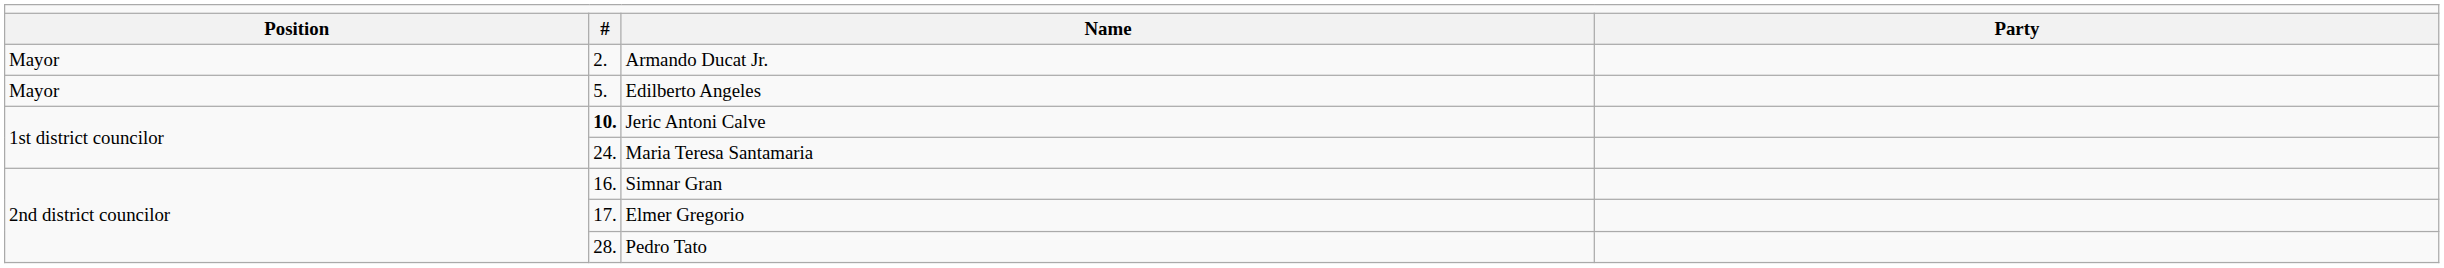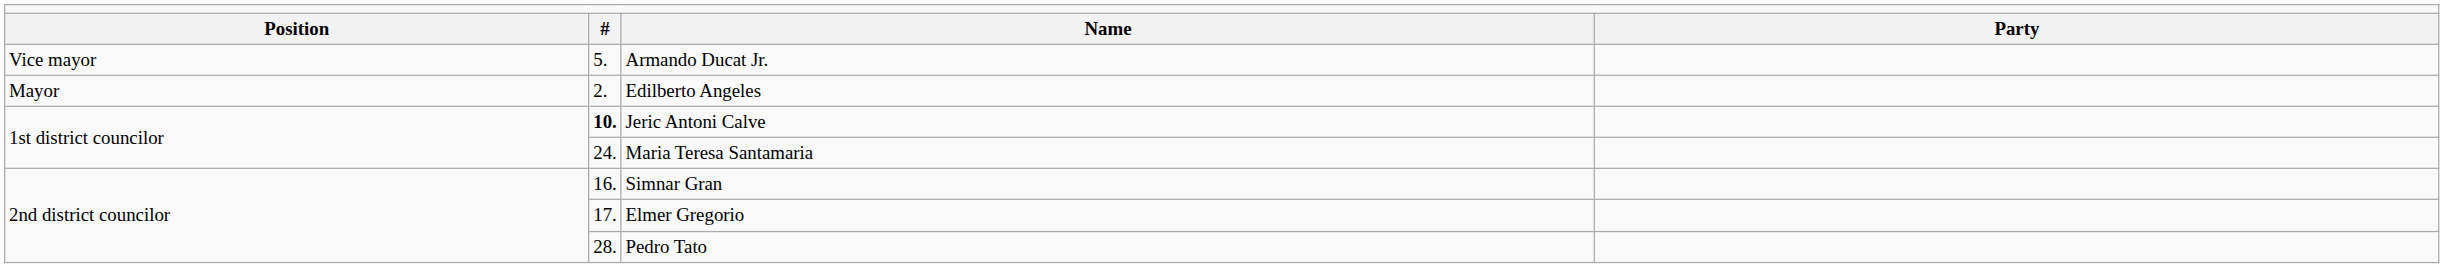 <table class=wikitable style="font-size:95%" width=99%>
 <tr>
 <td colspan="5"></td>
 </tr>
 <tr>
 <th width=24%>Position</th>
 <th width=1%>#</th>
 <th width=40%>Name</th>
 <th colspan=2>Party</th>
 </tr>
 <tr>
-<td>Mayor</td>
-<td>2.</td>
+<td>Vice mayor</td>
+<td>5.</td>
 <td>Armando Ducat Jr.</td>
 <td></td>
 </tr>
 <tr>
 <td>Mayor</td>
-<td>5.</td>
+<td>2.</td>
 <td>Edilberto Angeles</td>
 <td></td>
 </tr>
 <tr>
 <td rowspan="2">1st district councilor</td>
 <td><strong>10.</strong></td>
 <td>Jeric Antoni Calve</td>
 <td></td>
 </tr>
 <tr>
 <td>24.</td>
 <td>Maria Teresa Santamaria</td>
 <td></td>
 </tr>
 <tr>
 <td rowspan="3">2nd district councilor</td>
 <td>16.</td>
 <td>Simnar Gran</td>
 <td></td>
 </tr>
 <tr>
 <td>17.</td>
 <td>Elmer Gregorio</td>
 <td></td>
 </tr>
 <tr>
 <td>28.</td>
 <td>Pedro Tato</td>
 <td></td>
 </tr>
 </table>
